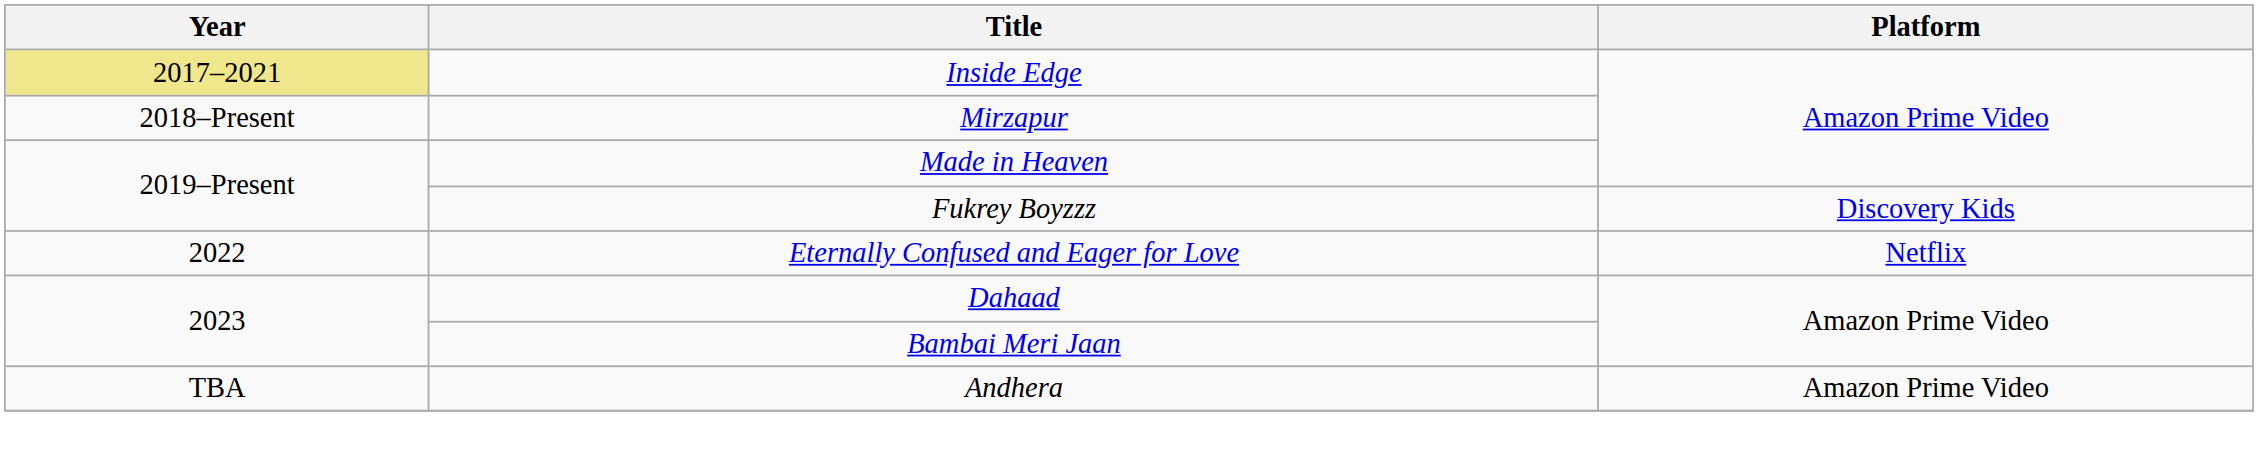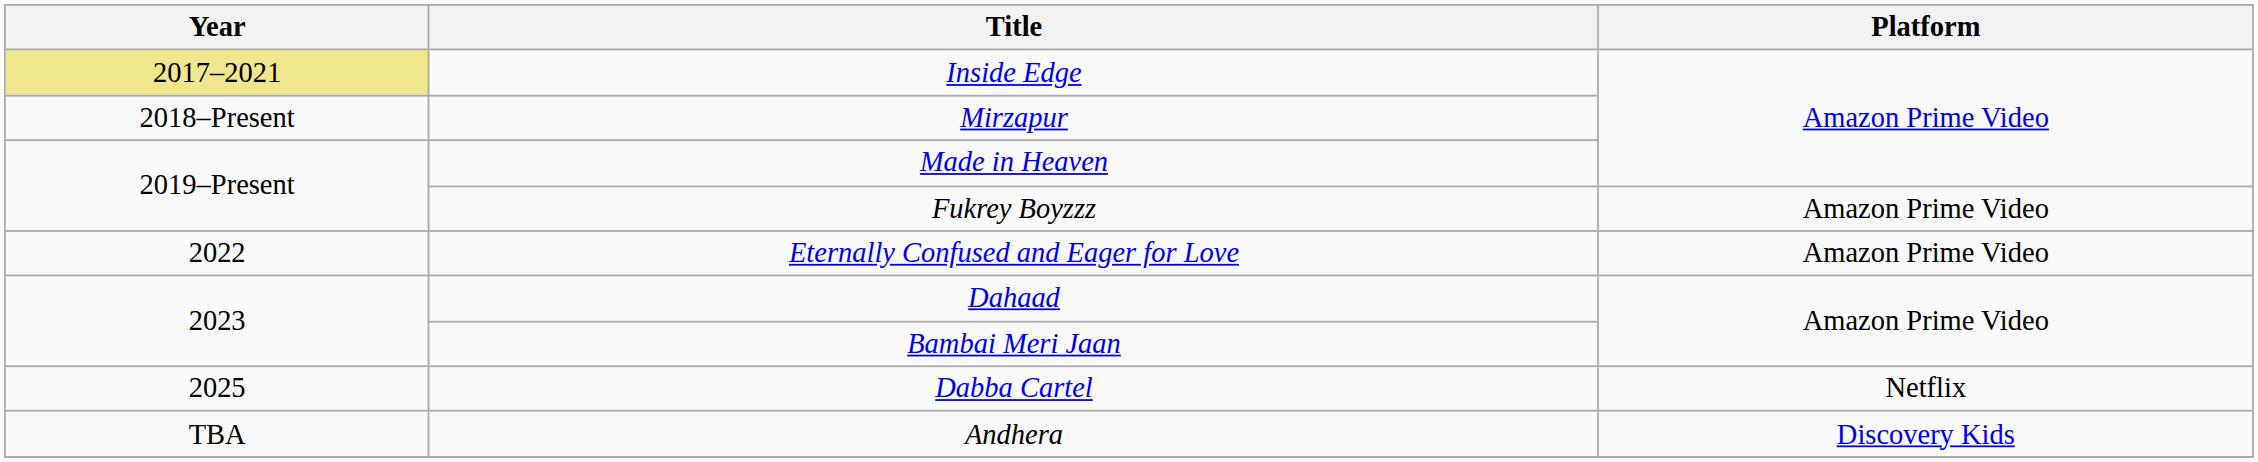 <table class="wikitable plainrowheaders sortable" style="width: 100%; text-align: center;">
 <tr>
 <th>Year</th>
 <th>Title</th>
 <th>Platform</th>
 </tr>
 <tr>
 <td style="background: khaki;">2017–2021</td>
 <td><em><a href='#'>Inside Edge</a></em></td>
 <td rowspan="3"><a href='#'>Amazon Prime Video</a></td>
 </tr>
 <tr>
 <td>2018–Present</td>
 <td><em><a href='#'>Mirzapur</a></em></td>
 </tr>
 <tr>
 <td rowspan=2>2019–Present</td>
 <td><em><a href='#'>Made in Heaven</a></em></td>
 </tr>
 <tr>
 <td><em>Fukrey Boyzzz</em></td>
-<td><a href='#'>Discovery Kids</a></td>
+<td>Amazon Prime Video</td>
 </tr>
 <tr>
 <td>2022</td>
 <td><em><a href='#'>Eternally Confused and Eager for Love</a></em></td>
-<td><a href='#'>Netflix</a></td>
+<td>Amazon Prime Video</td>
 </tr>
 <tr>
 <td rowspan="2">2023</td>
 <td><em><a href='#'>Dahaad</a></em></td>
 <td rowspan="2">Amazon Prime Video</td>
 </tr>
 <tr>
 <td><em><a href='#'>Bambai Meri Jaan</a></em></td>
 </tr>
 <tr>
+<td>2025</td>
+<td><em><a href='#'>Dabba Cartel</a></em></td>
+<td>Netflix</td>
+</tr>
+<tr>
 <td>TBA</td>
 <td><em>Andhera</em></td>
-<td>Amazon Prime Video</td>
+<td><a href='#'>Discovery Kids</a></td>
 </tr>
 <tr>
 </tr>
 </table>
